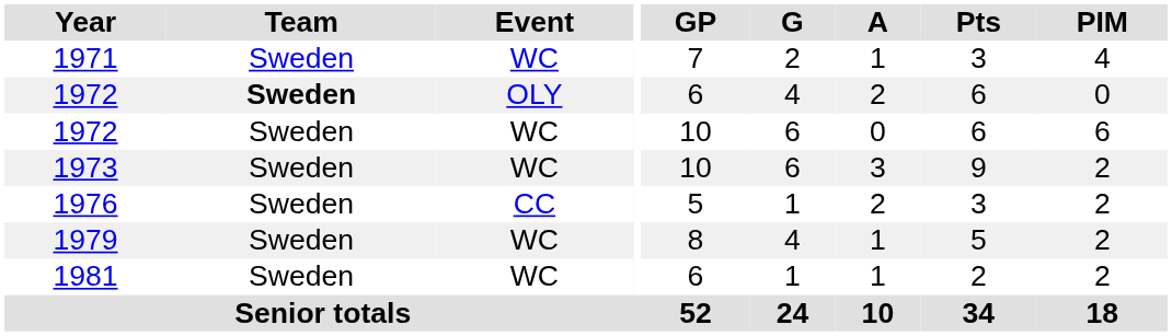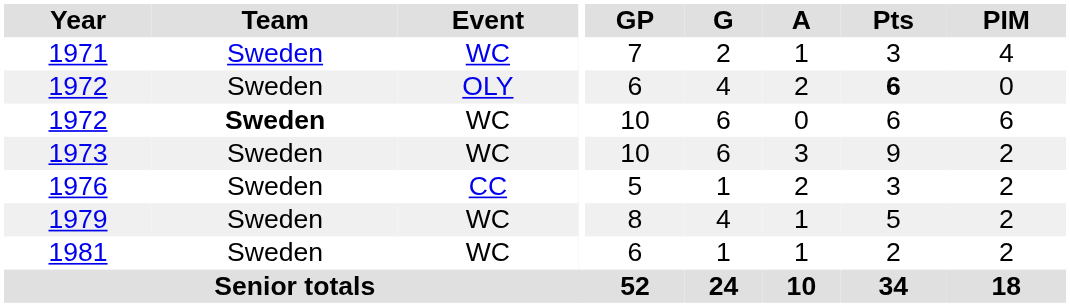 <table border="0" cellpadding="1" cellspacing="0" ID="Table3" style="text-align:center; width:40em">
 <tr bgcolor="#e0e0e0">
 <th>Year</th>
 <th>Team</th>
 <th>Event</th>
 <th rowspan="102" bgcolor="#ffffff"></th>
 <th>GP</th>
 <th>G</th>
 <th>A</th>
 <th>Pts</th>
 <th>PIM</th>
 </tr>
 <tr>
 <td><a href='#'>1971</a></td>
 <td><a href='#'>Sweden</a></td>
 <td><a href='#'>WC</a></td>
 <td>7</td>
 <td>2</td>
 <td>1</td>
 <td>3</td>
 <td>4</td>
 </tr>
 <tr bgcolor="#f0f0f0">
 <td><a href='#'>1972</a></td>
-<td><strong>Sweden</strong></td>
+<td>Sweden</td>
 <td><a href='#'>OLY</a></td>
 <td>6</td>
 <td>4</td>
 <td>2</td>
-<td>6</td>
+<td><strong>6</strong></td>
 <td>0</td>
 </tr>
 <tr>
 <td><a href='#'>1972</a></td>
-<td>Sweden</td>
+<td><strong>Sweden</strong></td>
 <td>WC</td>
 <td>10</td>
 <td>6</td>
 <td>0</td>
 <td>6</td>
 <td>6</td>
 </tr>
 <tr bgcolor="#f0f0f0">
 <td><a href='#'>1973</a></td>
 <td>Sweden</td>
 <td>WC</td>
 <td>10</td>
 <td>6</td>
 <td>3</td>
 <td>9</td>
 <td>2</td>
 </tr>
 <tr>
 <td><a href='#'>1976</a></td>
 <td>Sweden</td>
 <td><a href='#'>CC</a></td>
 <td>5</td>
 <td>1</td>
 <td>2</td>
 <td>3</td>
 <td>2</td>
 </tr>
 <tr bgcolor="#f0f0f0">
 <td><a href='#'>1979</a></td>
 <td>Sweden</td>
 <td>WC</td>
 <td>8</td>
 <td>4</td>
 <td>1</td>
 <td>5</td>
 <td>2</td>
 </tr>
 <tr>
 <td><a href='#'>1981</a></td>
 <td>Sweden</td>
 <td>WC</td>
 <td>6</td>
 <td>1</td>
 <td>1</td>
 <td>2</td>
 <td>2</td>
 </tr>
 <tr bgcolor="#e0e0e0">
 <th colspan="4">Senior totals</th>
 <th>52</th>
 <th>24</th>
 <th>10</th>
 <th>34</th>
 <th>18</th>
 </tr>
 </table>
